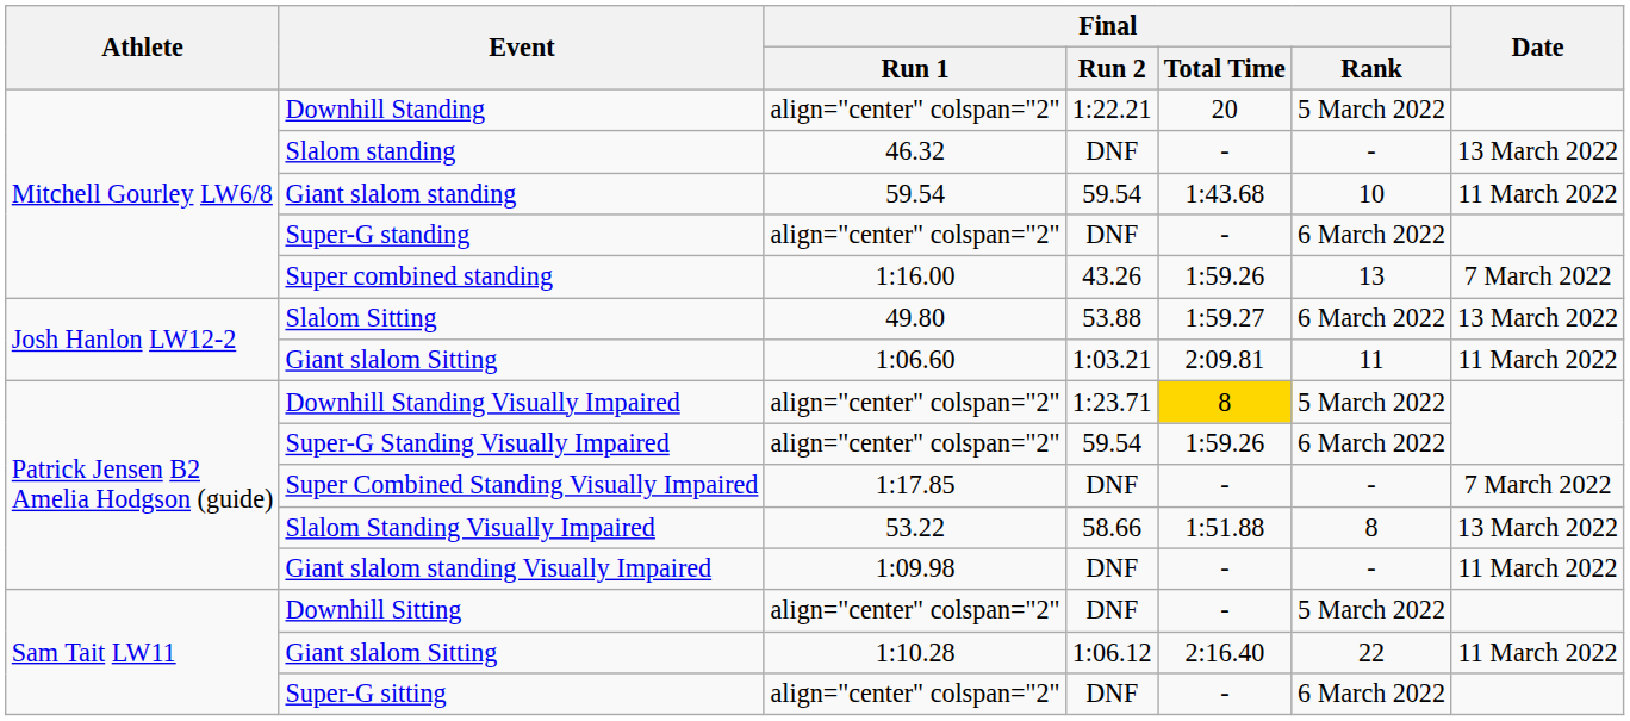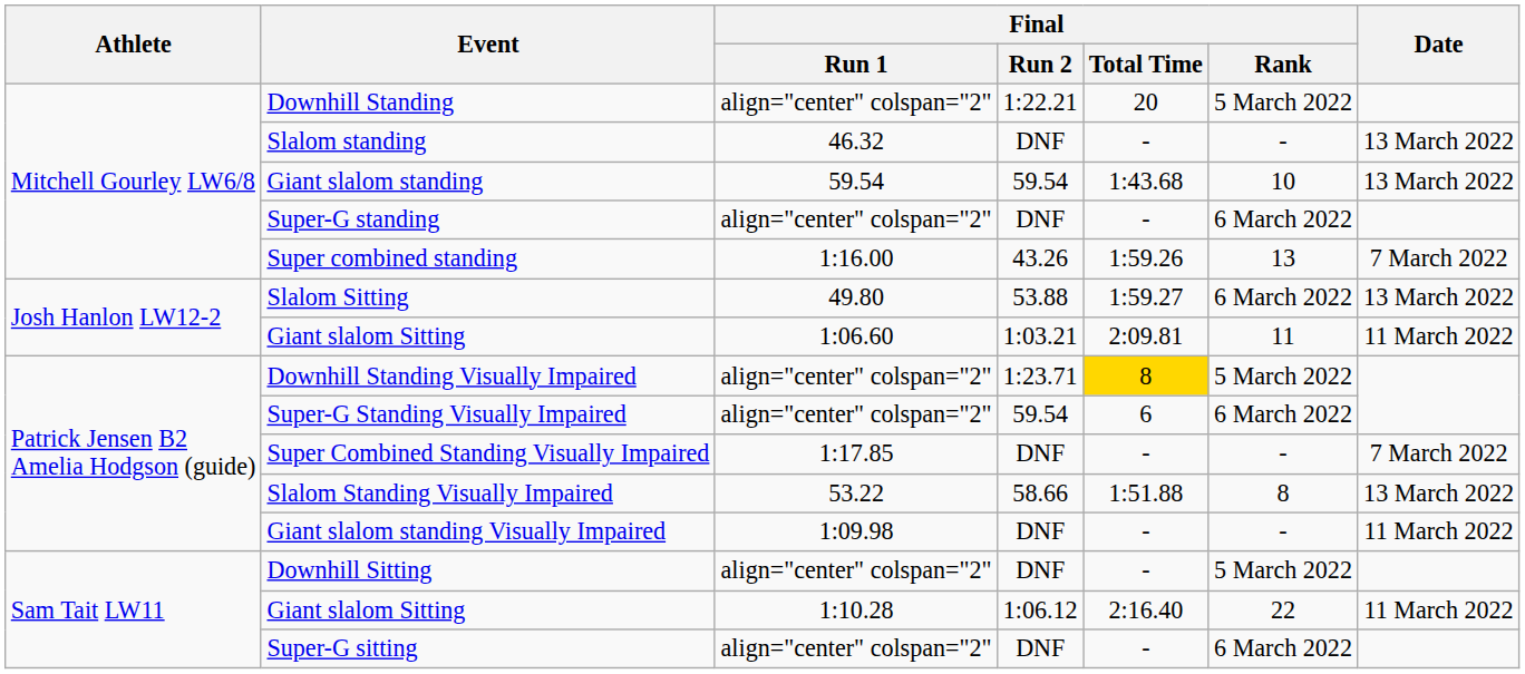 <table class="wikitable">
 <tr>
 <th rowspan="2">Athlete</th>
 <th rowspan="2">Event</th>
 <th colspan="4">Final</th>
 <th rowspan="2">Date</th>
 </tr>
 <tr>
 <th>Run 1</th>
 <th>Run 2</th>
 <th>Total Time</th>
 <th>Rank</th>
 </tr>
 <tr style="text-align:center;">
 <td style="text-align:left;" rowspan="5"><a href='#'>Mitchell Gourley</a> <a href='#'>LW6/8</a></td>
 <td align="left"><a href='#'>Downhill Standing</a></td>
 <td>align="center" colspan="2" </td>
 <td>1:22.21</td>
 <td>20</td>
 <td>5 March 2022</td>
 </tr>
 <tr style="text-align:center;">
 <td align="left"><a href='#'>Slalom standing</a></td>
 <td>46.32</td>
 <td>DNF</td>
 <td>-</td>
 <td>-</td>
 <td>13 March 2022</td>
 </tr>
 <tr style="text-align:center;">
 <td align="left"><a href='#'>Giant slalom standing</a></td>
 <td>59.54</td>
 <td>59.54</td>
 <td>1:43.68</td>
 <td>10</td>
-<td>11 March 2022</td>
+<td>13 March 2022</td>
 </tr>
 <tr style="text-align:center;">
 <td align="left"><a href='#'>Super-G standing</a></td>
 <td>align="center" colspan="2" </td>
 <td>DNF</td>
 <td>-</td>
 <td>6 March 2022</td>
 </tr>
 <tr style="text-align:center;">
 <td align="left"><a href='#'>Super combined standing</a></td>
 <td>1:16.00</td>
 <td>43.26</td>
 <td>1:59.26</td>
 <td>13</td>
 <td>7 March 2022</td>
 </tr>
 <tr style="text-align:center;">
 <td style="text-align:left;" rowspan="2"><a href='#'>Josh Hanlon</a> <a href='#'>LW12-2</a></td>
 <td align="left"><a href='#'>Slalom Sitting</a></td>
 <td>49.80</td>
 <td>53.88</td>
 <td>1:59.27</td>
 <td>6 March 2022</td>
 <td>13 March 2022</td>
 </tr>
 <tr style="text-align:center;">
 <td align="left"><a href='#'>Giant slalom Sitting</a></td>
 <td>1:06.60</td>
 <td>1:03.21</td>
 <td>2:09.81</td>
 <td>11</td>
 <td>11 March 2022</td>
 </tr>
 <tr style="text-align:center;">
 <td style="text-align:left;" rowspan="5"><a href='#'>Patrick Jensen</a> <a href='#'>B2</a> <br> <a href='#'>Amelia Hodgson</a> (guide)</td>
 <td align="left"><a href='#'>Downhill Standing Visually Impaired</a></td>
 <td>align="center" colspan="2" </td>
 <td>1:23.71</td>
 <td style="background: gold;">8</td>
 <td>5 March 2022</td>
 </tr>
 <tr style="text-align:center;">
 <td align="left"><a href='#'>Super-G Standing Visually Impaired</a></td>
 <td>align="center" colspan="2" </td>
 <td>59.54</td>
-<td>1:59.26</td>
+<td>6</td>
 <td>6 March 2022</td>
 </tr>
 <tr style="text-align:center;">
 <td align="left"><a href='#'>Super Combined Standing Visually Impaired</a></td>
 <td>1:17.85</td>
 <td>DNF</td>
 <td>-</td>
 <td>-</td>
 <td>7 March 2022</td>
 </tr>
 <tr style="text-align:center;">
 <td align="left"><a href='#'>Slalom Standing Visually Impaired</a></td>
 <td>53.22</td>
 <td>58.66</td>
 <td>1:51.88</td>
 <td>8</td>
 <td>13 March 2022</td>
 </tr>
 <tr style="text-align:center;">
 <td align="left"><a href='#'>Giant slalom standing Visually Impaired</a></td>
 <td>1:09.98</td>
 <td>DNF</td>
 <td>-</td>
 <td>-</td>
 <td>11 March 2022</td>
 </tr>
 <tr style="text-align:center;">
 <td style="text-align:left;" rowspan="3"><a href='#'>Sam Tait</a> <a href='#'>LW11</a></td>
 <td align="left"><a href='#'>Downhill Sitting</a></td>
 <td>align="center" colspan="2" </td>
 <td>DNF</td>
 <td>-</td>
 <td>5 March 2022</td>
 </tr>
 <tr style="text-align:center;">
 <td align="left"><a href='#'>Giant slalom Sitting</a></td>
 <td>1:10.28</td>
 <td>1:06.12</td>
 <td>2:16.40</td>
 <td>22</td>
 <td>11 March 2022</td>
 </tr>
 <tr style="text-align:center;">
 <td align="left"><a href='#'>Super-G sitting</a></td>
 <td>align="center" colspan="2" </td>
 <td>DNF</td>
 <td>-</td>
 <td>6 March 2022</td>
 </tr>
 </table>
